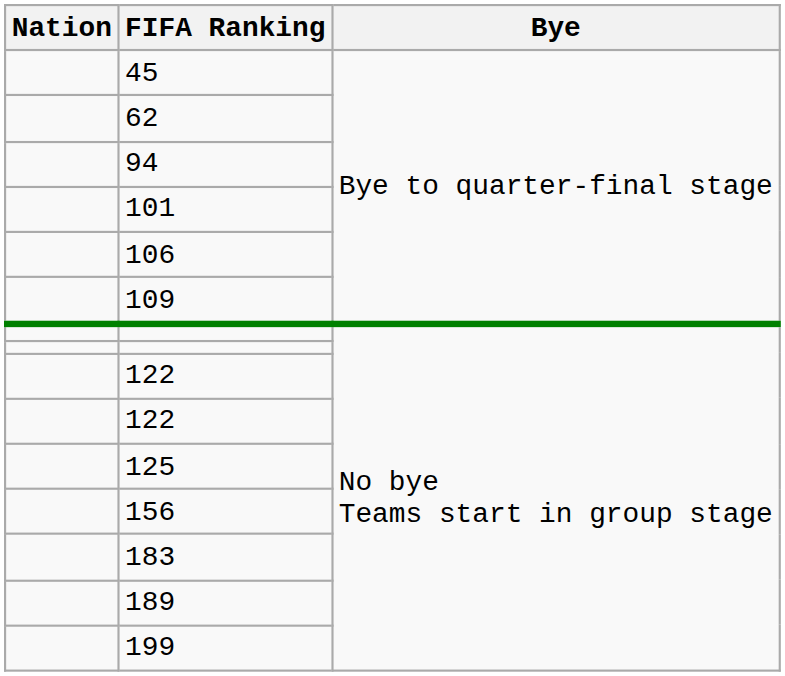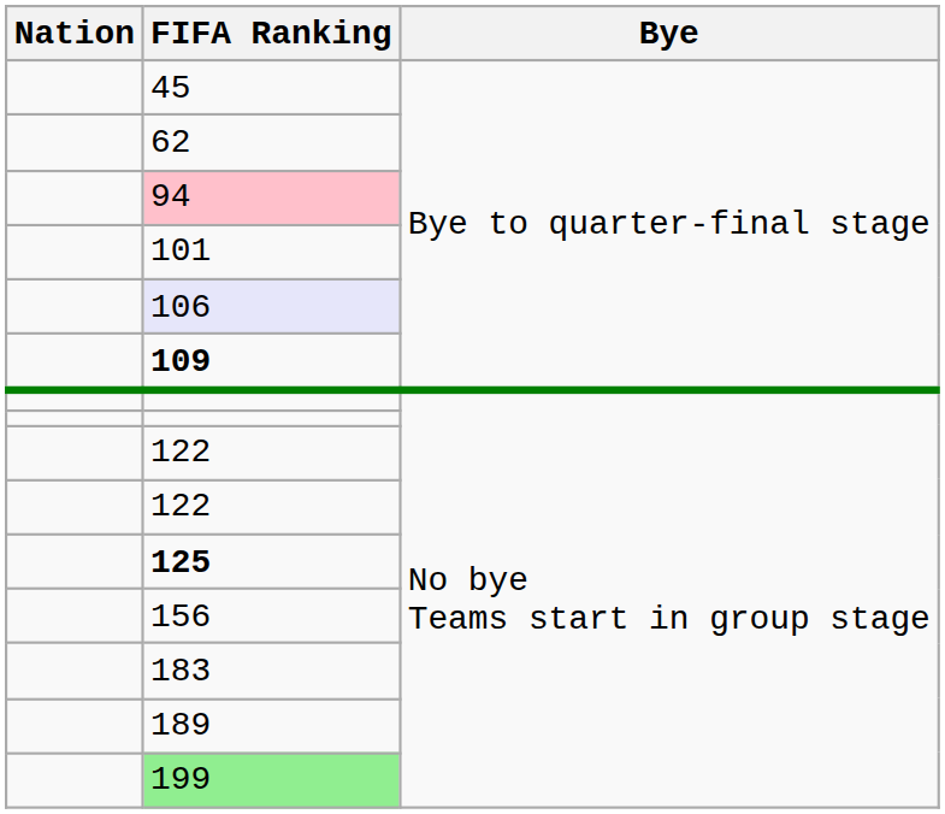 <table class="wikitable">
 <tr>
 <th>Nation</th>
 <th>FIFA Ranking</th>
 <th>Bye</th>
 </tr>
 <tr>
 <td></td>
 <td>45</td>
 <td rowspan="6">Bye to quarter-final stage</td>
 </tr>
 <tr>
 <td></td>
 <td>62</td>
 </tr>
 <tr>
 <td></td>
-<td>94</td>
+<td style="background: pink;">94</td>
 </tr>
 <tr>
 <td></td>
 <td>101</td>
 </tr>
 <tr>
 <td></td>
-<td>106</td>
+<td style="background: lavender;">106</td>
 </tr>
 <tr style="border-bottom:3px solid green;">
 <td></td>
-<td>109</td>
+<td><strong>109</strong></td>
 </tr>
 <tr>
 <td></td>
 <td></td>
 <td rowspan="9">No bye<br>Teams start in group stage</td>
 </tr>
 <tr>
 <td></td>
 <td></td>
 </tr>
 <tr>
 <td></td>
 <td>122</td>
 </tr>
 <tr>
 <td></td>
 <td>122</td>
 </tr>
 <tr>
 <td></td>
-<td>125</td>
+<td><strong>125</strong></td>
 </tr>
 <tr>
 <td></td>
 <td>156</td>
 </tr>
 <tr>
 <td></td>
 <td>183</td>
 </tr>
 <tr>
 <td></td>
 <td>189</td>
 </tr>
 <tr>
 <td></td>
-<td>199</td>
+<td style="background: lightgreen;">199</td>
 </tr>
 </table>
